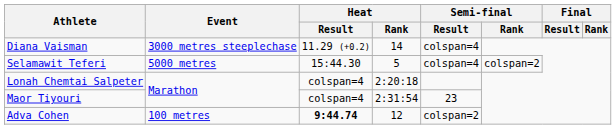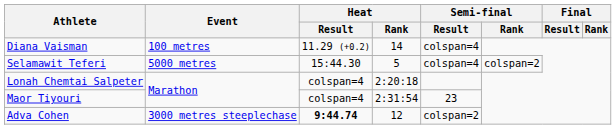 <table class="wikitable" style="font-size:90%">
 <tr>
 <th rowspan="2">Athlete</th>
 <th rowspan="2">Event</th>
 <th colspan="2">Heat</th>
 <th colspan="2">Semi-final</th>
 <th colspan="2">Final</th>
 </tr>
 <tr style="font-size:95%">
 <th>Result</th>
 <th>Rank</th>
 <th>Result</th>
 <th>Rank</th>
 <th>Result</th>
 <th>Rank</th>
 </tr>
 <tr align=center>
 <td align=left><a href='#'>Diana Vaisman</a></td>
-<td align=left><a href='#'>3000 metres steeplechase</a></td>
+<td align=left><a href='#'>100 metres</a></td>
 <td>11.29 <small>(+0.2)</small></td>
 <td>14</td>
 <td>colspan=4 </td>
 </tr>
 <tr align=center>
 <td align=left><a href='#'>Selamawit Teferi</a></td>
 <td align=left><a href='#'>5000 metres</a></td>
 <td>15:44.30 </td>
 <td>5</td>
 <td>colspan=4 </td>
 <td>colspan=2 </td>
 </tr>
 <tr align=center>
 <td align=left><a href='#'>Lonah Chemtai Salpeter</a></td>
 <td align=left rowspan=2><a href='#'>Marathon</a></td>
 <td>colspan=4 </td>
 <td>2:20:18</td>
 <td></td>
 </tr>
 <tr align=center>
 <td align=left><a href='#'>Maor Tiyouri</a></td>
 <td>colspan=4 </td>
 <td>2:31:54</td>
 <td>23</td>
 </tr>
 <tr align=center>
 <td align=left><a href='#'>Adva Cohen</a></td>
-<td align=left><a href='#'>100 metres</a></td>
+<td align=left><a href='#'>3000 metres steeplechase</a></td>
 <td><strong>9:44.74</strong></td>
 <td>12</td>
 <td>colspan=2 </td>
 </tr>
 </table>
